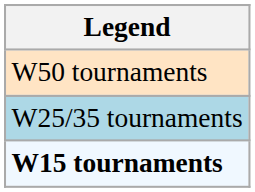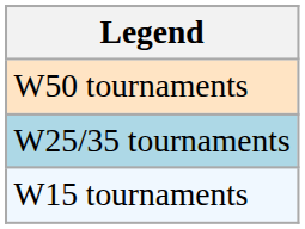 <table class="wikitable" style="font-size:85%">
 <tr>
 <th>Legend</th>
 </tr>
 <tr style="background:#ffe4c4;">
 <td>W50 tournaments</td>
 </tr>
 <tr style="background:lightblue;">
 <td>W25/35 tournaments</td>
 </tr>
 <tr style="background:#f0f8ff;">
-<td><strong>W15 tournaments</strong></td>
+<td>W15 tournaments</td>
 </tr>
 </table>
